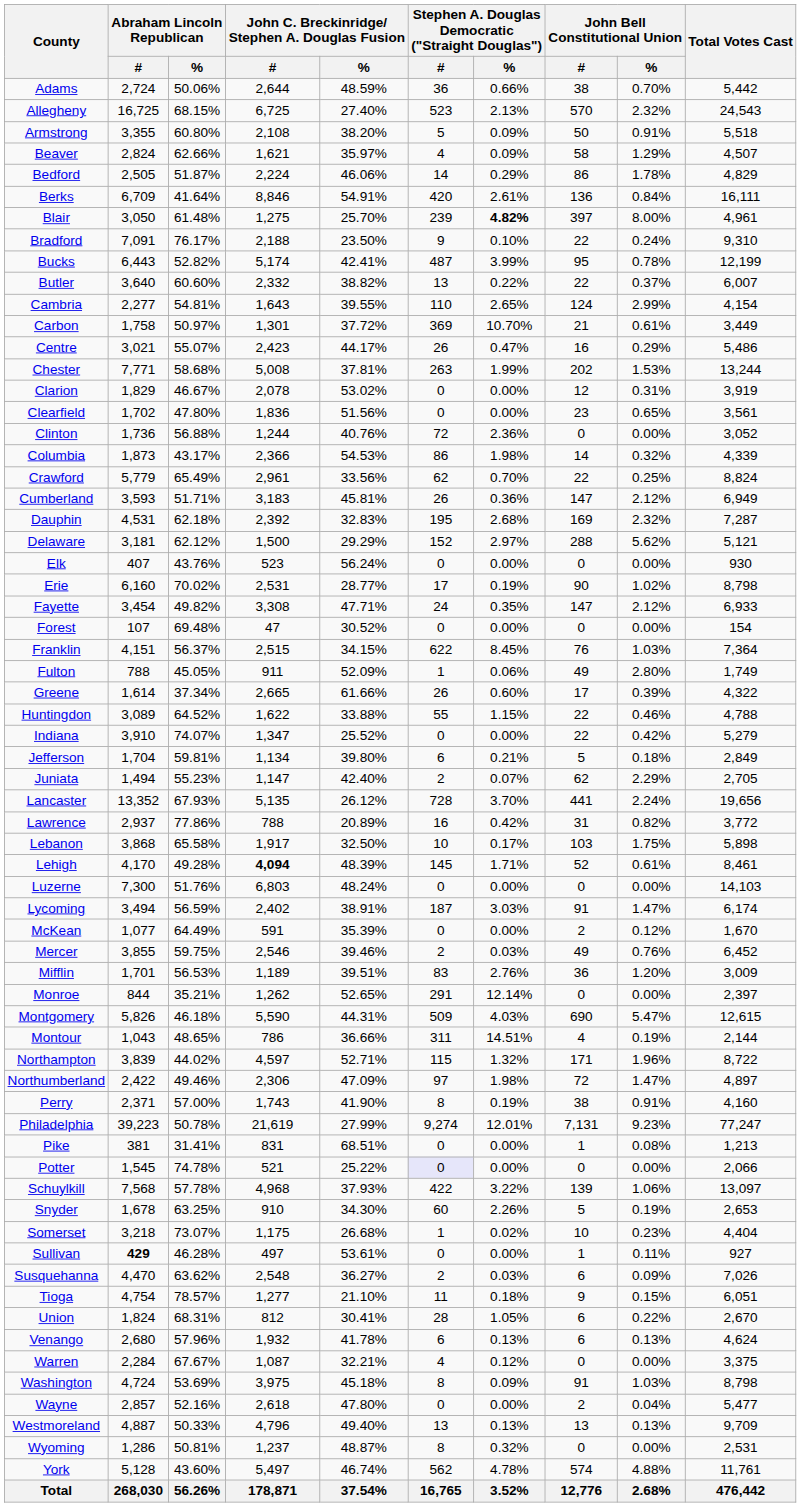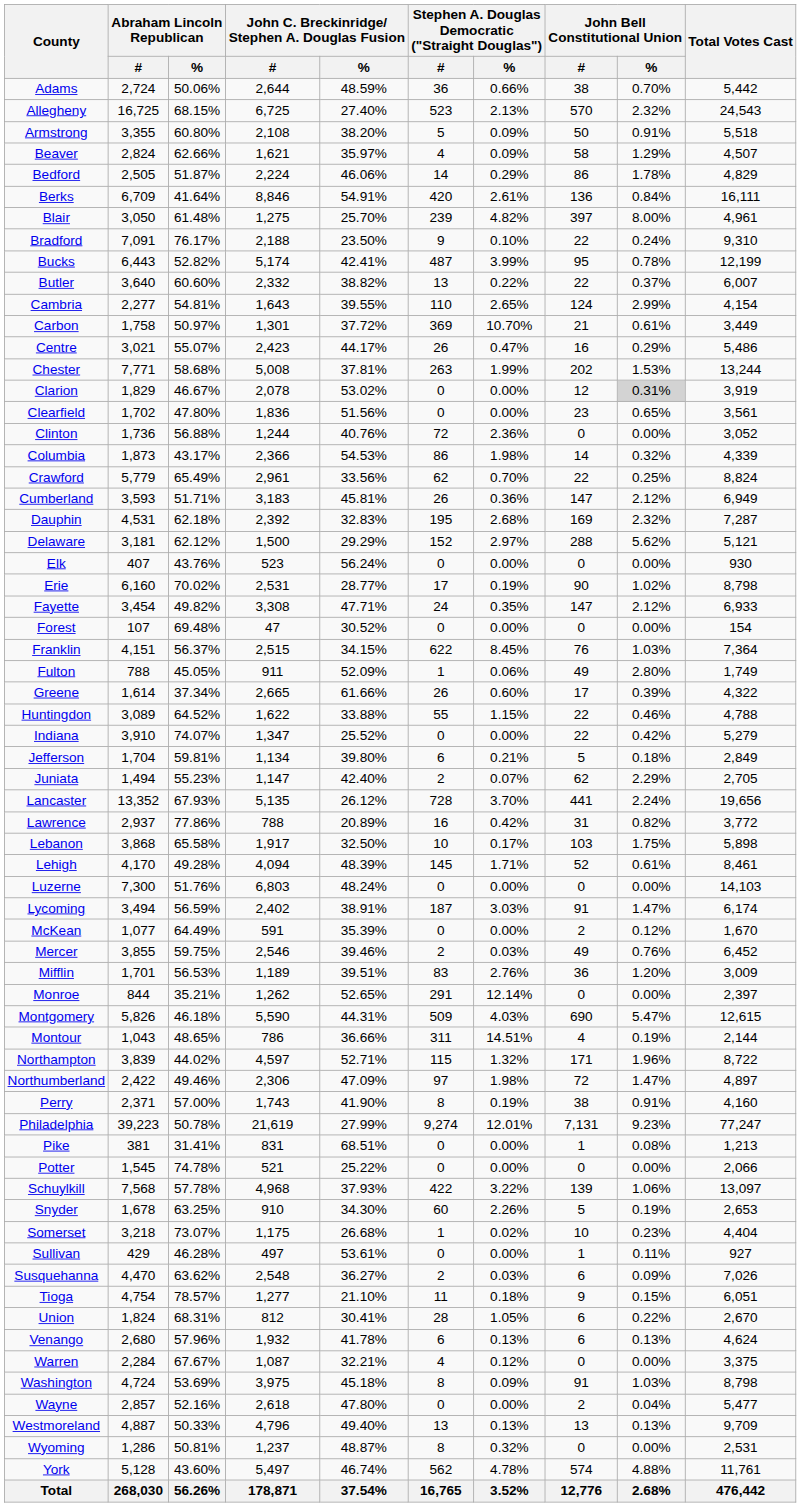 <table class="wikitable sortable">
 <tr>
 <th rowspan="2">County</th>
 <th colspan="2">Abraham Lincoln<br>Republican</th>
 <th colspan="2">John C. Breckinridge/<br>Stephen A. Douglas Fusion</th>
 <th colspan="2">Stephen A. Douglas<br>Democratic<br>("Straight Douglas")</th>
 <th colspan="2">John Bell<br>Constitutional Union</th>
 <th rowspan="2">Total Votes Cast</th>
 </tr>
 <tr style="text-align:center">
 <th>#</th>
 <th>%</th>
 <th>#</th>
 <th>%</th>
 <th>#</th>
 <th>%</th>
 <th>#</th>
 <th>%</th>
 </tr>
 <tr style="text-align:center">
 <td><a href='#'>Adams</a></td>
 <td>2,724</td>
 <td>50.06%</td>
 <td>2,644</td>
 <td>48.59%</td>
 <td>36</td>
 <td>0.66%</td>
 <td>38</td>
 <td>0.70%</td>
 <td>5,442</td>
 </tr>
 <tr style="text-align:center">
 <td><a href='#'>Allegheny</a></td>
 <td>16,725</td>
 <td>68.15%</td>
 <td>6,725</td>
 <td>27.40%</td>
 <td>523</td>
 <td>2.13%</td>
 <td>570</td>
 <td>2.32%</td>
 <td>24,543</td>
 </tr>
 <tr style="text-align:center">
 <td><a href='#'>Armstrong</a></td>
 <td>3,355</td>
 <td>60.80%</td>
 <td>2,108</td>
 <td>38.20%</td>
 <td>5</td>
 <td>0.09%</td>
 <td>50</td>
 <td>0.91%</td>
 <td>5,518</td>
 </tr>
 <tr style="text-align:center">
 <td><a href='#'>Beaver</a></td>
 <td>2,824</td>
 <td>62.66%</td>
 <td>1,621</td>
 <td>35.97%</td>
 <td>4</td>
 <td>0.09%</td>
 <td>58</td>
 <td>1.29%</td>
 <td>4,507</td>
 </tr>
 <tr style="text-align:center">
 <td><a href='#'>Bedford</a></td>
 <td>2,505</td>
 <td>51.87%</td>
 <td>2,224</td>
 <td>46.06%</td>
 <td>14</td>
 <td>0.29%</td>
 <td>86</td>
 <td>1.78%</td>
 <td>4,829</td>
 </tr>
 <tr style="text-align:center">
 <td><a href='#'>Berks</a></td>
 <td>6,709</td>
 <td>41.64%</td>
 <td>8,846</td>
 <td>54.91%</td>
 <td>420</td>
 <td>2.61%</td>
 <td>136</td>
 <td>0.84%</td>
 <td>16,111</td>
 </tr>
 <tr style="text-align:center">
 <td><a href='#'>Blair</a></td>
 <td>3,050</td>
 <td>61.48%</td>
 <td>1,275</td>
 <td>25.70%</td>
 <td>239</td>
-<td><strong>4.82%</strong></td>
+<td>4.82%</td>
 <td>397</td>
 <td>8.00%</td>
 <td>4,961</td>
 </tr>
 <tr style="text-align:center">
 <td><a href='#'>Bradford</a></td>
 <td>7,091</td>
 <td>76.17%</td>
 <td>2,188</td>
 <td>23.50%</td>
 <td>9</td>
 <td>0.10%</td>
 <td>22</td>
 <td>0.24%</td>
 <td>9,310</td>
 </tr>
 <tr style="text-align:center">
 <td><a href='#'>Bucks</a></td>
 <td>6,443</td>
 <td>52.82%</td>
 <td>5,174</td>
 <td>42.41%</td>
 <td>487</td>
 <td>3.99%</td>
 <td>95</td>
 <td>0.78%</td>
 <td>12,199</td>
 </tr>
 <tr style="text-align:center">
 <td><a href='#'>Butler</a></td>
 <td>3,640</td>
 <td>60.60%</td>
 <td>2,332</td>
 <td>38.82%</td>
 <td>13</td>
 <td>0.22%</td>
 <td>22</td>
 <td>0.37%</td>
 <td>6,007</td>
 </tr>
 <tr style="text-align:center">
 <td><a href='#'>Cambria</a></td>
 <td>2,277</td>
 <td>54.81%</td>
 <td>1,643</td>
 <td>39.55%</td>
 <td>110</td>
 <td>2.65%</td>
 <td>124</td>
 <td>2.99%</td>
 <td>4,154</td>
 </tr>
 <tr style="text-align:center">
 <td><a href='#'>Carbon</a></td>
 <td>1,758</td>
 <td>50.97%</td>
 <td>1,301</td>
 <td>37.72%</td>
 <td>369</td>
 <td>10.70%</td>
 <td>21</td>
 <td>0.61%</td>
 <td>3,449</td>
 </tr>
 <tr style="text-align:center">
 <td><a href='#'>Centre</a></td>
 <td>3,021</td>
 <td>55.07%</td>
 <td>2,423</td>
 <td>44.17%</td>
 <td>26</td>
 <td>0.47%</td>
 <td>16</td>
 <td>0.29%</td>
 <td>5,486</td>
 </tr>
 <tr style="text-align:center">
 <td><a href='#'>Chester</a></td>
 <td>7,771</td>
 <td>58.68%</td>
 <td>5,008</td>
 <td>37.81%</td>
 <td>263</td>
 <td>1.99%</td>
 <td>202</td>
 <td>1.53%</td>
 <td>13,244</td>
 </tr>
 <tr style="text-align:center">
 <td><a href='#'>Clarion</a></td>
 <td>1,829</td>
 <td>46.67%</td>
 <td>2,078</td>
 <td>53.02%</td>
 <td>0</td>
 <td>0.00%</td>
 <td>12</td>
-<td>0.31%</td>
+<td style="background: lightgrey;">0.31%</td>
 <td>3,919</td>
 </tr>
 <tr style="text-align:center">
 <td><a href='#'>Clearfield</a></td>
 <td>1,702</td>
 <td>47.80%</td>
 <td>1,836</td>
 <td>51.56%</td>
 <td>0</td>
 <td>0.00%</td>
 <td>23</td>
 <td>0.65%</td>
 <td>3,561</td>
 </tr>
 <tr style="text-align:center">
 <td><a href='#'>Clinton</a></td>
 <td>1,736</td>
 <td>56.88%</td>
 <td>1,244</td>
 <td>40.76%</td>
 <td>72</td>
 <td>2.36%</td>
 <td>0</td>
 <td>0.00%</td>
 <td>3,052</td>
 </tr>
 <tr style="text-align:center">
 <td><a href='#'>Columbia</a></td>
 <td>1,873</td>
 <td>43.17%</td>
 <td>2,366</td>
 <td>54.53%</td>
 <td>86</td>
 <td>1.98%</td>
 <td>14</td>
 <td>0.32%</td>
 <td>4,339</td>
 </tr>
 <tr style="text-align:center">
 <td><a href='#'>Crawford</a></td>
 <td>5,779</td>
 <td>65.49%</td>
 <td>2,961</td>
 <td>33.56%</td>
 <td>62</td>
 <td>0.70%</td>
 <td>22</td>
 <td>0.25%</td>
 <td>8,824</td>
 </tr>
 <tr style="text-align:center">
 <td><a href='#'>Cumberland</a></td>
 <td>3,593</td>
 <td>51.71%</td>
 <td>3,183</td>
 <td>45.81%</td>
 <td>26</td>
 <td>0.36%</td>
 <td>147</td>
 <td>2.12%</td>
 <td>6,949</td>
 </tr>
 <tr style="text-align:center">
 <td><a href='#'>Dauphin</a></td>
 <td>4,531</td>
 <td>62.18%</td>
 <td>2,392</td>
 <td>32.83%</td>
 <td>195</td>
 <td>2.68%</td>
 <td>169</td>
 <td>2.32%</td>
 <td>7,287</td>
 </tr>
 <tr style="text-align:center">
 <td><a href='#'>Delaware</a></td>
 <td>3,181</td>
 <td>62.12%</td>
 <td>1,500</td>
 <td>29.29%</td>
 <td>152</td>
 <td>2.97%</td>
 <td>288</td>
 <td>5.62%</td>
 <td>5,121</td>
 </tr>
 <tr style="text-align:center">
 <td><a href='#'>Elk</a></td>
 <td>407</td>
 <td>43.76%</td>
 <td>523</td>
 <td>56.24%</td>
 <td>0</td>
 <td>0.00%</td>
 <td>0</td>
 <td>0.00%</td>
 <td>930</td>
 </tr>
 <tr style="text-align:center">
 <td><a href='#'>Erie</a></td>
 <td>6,160</td>
 <td>70.02%</td>
 <td>2,531</td>
 <td>28.77%</td>
 <td>17</td>
 <td>0.19%</td>
 <td>90</td>
 <td>1.02%</td>
 <td>8,798</td>
 </tr>
 <tr style="text-align:center">
 <td><a href='#'>Fayette</a></td>
 <td>3,454</td>
 <td>49.82%</td>
 <td>3,308</td>
 <td>47.71%</td>
 <td>24</td>
 <td>0.35%</td>
 <td>147</td>
 <td>2.12%</td>
 <td>6,933</td>
 </tr>
 <tr style="text-align:center">
 <td><a href='#'>Forest</a></td>
 <td>107</td>
 <td>69.48%</td>
 <td>47</td>
 <td>30.52%</td>
 <td>0</td>
 <td>0.00%</td>
 <td>0</td>
 <td>0.00%</td>
 <td>154</td>
 </tr>
 <tr style="text-align:center">
 <td><a href='#'>Franklin</a></td>
 <td>4,151</td>
 <td>56.37%</td>
 <td>2,515</td>
 <td>34.15%</td>
 <td>622</td>
 <td>8.45%</td>
 <td>76</td>
 <td>1.03%</td>
 <td>7,364</td>
 </tr>
 <tr style="text-align:center">
 <td><a href='#'>Fulton</a></td>
 <td>788</td>
 <td>45.05%</td>
 <td>911</td>
 <td>52.09%</td>
 <td>1</td>
 <td>0.06%</td>
 <td>49</td>
 <td>2.80%</td>
 <td>1,749</td>
 </tr>
 <tr style="text-align:center">
 <td><a href='#'>Greene</a></td>
 <td>1,614</td>
 <td>37.34%</td>
 <td>2,665</td>
 <td>61.66%</td>
 <td>26</td>
 <td>0.60%</td>
 <td>17</td>
 <td>0.39%</td>
 <td>4,322</td>
 </tr>
 <tr style="text-align:center">
 <td><a href='#'>Huntingdon</a></td>
 <td>3,089</td>
 <td>64.52%</td>
 <td>1,622</td>
 <td>33.88%</td>
 <td>55</td>
 <td>1.15%</td>
 <td>22</td>
 <td>0.46%</td>
 <td>4,788</td>
 </tr>
 <tr style="text-align:center">
 <td><a href='#'>Indiana</a></td>
 <td>3,910</td>
 <td>74.07%</td>
 <td>1,347</td>
 <td>25.52%</td>
 <td>0</td>
 <td>0.00%</td>
 <td>22</td>
 <td>0.42%</td>
 <td>5,279</td>
 </tr>
 <tr style="text-align:center">
 <td><a href='#'>Jefferson</a></td>
 <td>1,704</td>
 <td>59.81%</td>
 <td>1,134</td>
 <td>39.80%</td>
 <td>6</td>
 <td>0.21%</td>
 <td>5</td>
 <td>0.18%</td>
 <td>2,849</td>
 </tr>
 <tr style="text-align:center">
 <td><a href='#'>Juniata</a></td>
 <td>1,494</td>
 <td>55.23%</td>
 <td>1,147</td>
 <td>42.40%</td>
 <td>2</td>
 <td>0.07%</td>
 <td>62</td>
 <td>2.29%</td>
 <td>2,705</td>
 </tr>
 <tr style="text-align:center">
 <td><a href='#'>Lancaster</a></td>
 <td>13,352</td>
 <td>67.93%</td>
 <td>5,135</td>
 <td>26.12%</td>
 <td>728</td>
 <td>3.70%</td>
 <td>441</td>
 <td>2.24%</td>
 <td>19,656</td>
 </tr>
 <tr style="text-align:center">
 <td><a href='#'>Lawrence</a></td>
 <td>2,937</td>
 <td>77.86%</td>
 <td>788</td>
 <td>20.89%</td>
 <td>16</td>
 <td>0.42%</td>
 <td>31</td>
 <td>0.82%</td>
 <td>3,772</td>
 </tr>
 <tr style="text-align:center">
 <td><a href='#'>Lebanon</a></td>
 <td>3,868</td>
 <td>65.58%</td>
 <td>1,917</td>
 <td>32.50%</td>
 <td>10</td>
 <td>0.17%</td>
 <td>103</td>
 <td>1.75%</td>
 <td>5,898</td>
 </tr>
 <tr style="text-align:center">
 <td><a href='#'>Lehigh</a></td>
 <td>4,170</td>
 <td>49.28%</td>
-<td><strong>4,094</strong></td>
+<td>4,094</td>
 <td>48.39%</td>
 <td>145</td>
 <td>1.71%</td>
 <td>52</td>
 <td>0.61%</td>
 <td>8,461</td>
 </tr>
 <tr style="text-align:center">
 <td><a href='#'>Luzerne</a></td>
 <td>7,300</td>
 <td>51.76%</td>
 <td>6,803</td>
 <td>48.24%</td>
 <td>0</td>
 <td>0.00%</td>
 <td>0</td>
 <td>0.00%</td>
 <td>14,103</td>
 </tr>
 <tr style="text-align:center">
 <td><a href='#'>Lycoming</a></td>
 <td>3,494</td>
 <td>56.59%</td>
 <td>2,402</td>
 <td>38.91%</td>
 <td>187</td>
 <td>3.03%</td>
 <td>91</td>
 <td>1.47%</td>
 <td>6,174</td>
 </tr>
 <tr style="text-align:center">
 <td><a href='#'>McKean</a></td>
 <td>1,077</td>
 <td>64.49%</td>
 <td>591</td>
 <td>35.39%</td>
 <td>0</td>
 <td>0.00%</td>
 <td>2</td>
 <td>0.12%</td>
 <td>1,670</td>
 </tr>
 <tr style="text-align:center">
 <td><a href='#'>Mercer</a></td>
 <td>3,855</td>
 <td>59.75%</td>
 <td>2,546</td>
 <td>39.46%</td>
 <td>2</td>
 <td>0.03%</td>
 <td>49</td>
 <td>0.76%</td>
 <td>6,452</td>
 </tr>
 <tr style="text-align:center">
 <td><a href='#'>Mifflin</a></td>
 <td>1,701</td>
 <td>56.53%</td>
 <td>1,189</td>
 <td>39.51%</td>
 <td>83</td>
 <td>2.76%</td>
 <td>36</td>
 <td>1.20%</td>
 <td>3,009</td>
 </tr>
 <tr style="text-align:center">
 <td><a href='#'>Monroe</a></td>
 <td>844</td>
 <td>35.21%</td>
 <td>1,262</td>
 <td>52.65%</td>
 <td>291</td>
 <td>12.14%</td>
 <td>0</td>
 <td>0.00%</td>
 <td>2,397</td>
 </tr>
 <tr style="text-align:center">
 <td><a href='#'>Montgomery</a></td>
 <td>5,826</td>
 <td>46.18%</td>
 <td>5,590</td>
 <td>44.31%</td>
 <td>509</td>
 <td>4.03%</td>
 <td>690</td>
 <td>5.47%</td>
 <td>12,615</td>
 </tr>
 <tr style="text-align:center">
 <td><a href='#'>Montour</a></td>
 <td>1,043</td>
 <td>48.65%</td>
 <td>786</td>
 <td>36.66%</td>
 <td>311</td>
 <td>14.51%</td>
 <td>4</td>
 <td>0.19%</td>
 <td>2,144</td>
 </tr>
 <tr style="text-align:center">
 <td><a href='#'>Northampton</a></td>
 <td>3,839</td>
 <td>44.02%</td>
 <td>4,597</td>
 <td>52.71%</td>
 <td>115</td>
 <td>1.32%</td>
 <td>171</td>
 <td>1.96%</td>
 <td>8,722</td>
 </tr>
 <tr style="text-align:center">
 <td><a href='#'>Northumberland</a></td>
 <td>2,422</td>
 <td>49.46%</td>
 <td>2,306</td>
 <td>47.09%</td>
 <td>97</td>
 <td>1.98%</td>
 <td>72</td>
 <td>1.47%</td>
 <td>4,897</td>
 </tr>
 <tr style="text-align:center">
 <td><a href='#'>Perry</a></td>
 <td>2,371</td>
 <td>57.00%</td>
 <td>1,743</td>
 <td>41.90%</td>
 <td>8</td>
 <td>0.19%</td>
 <td>38</td>
 <td>0.91%</td>
 <td>4,160</td>
 </tr>
 <tr style="text-align:center">
 <td><a href='#'>Philadelphia</a></td>
 <td>39,223</td>
 <td>50.78%</td>
 <td>21,619</td>
 <td>27.99%</td>
 <td>9,274</td>
 <td>12.01%</td>
 <td>7,131</td>
 <td>9.23%</td>
 <td>77,247</td>
 </tr>
 <tr style="text-align:center">
 <td><a href='#'>Pike</a></td>
 <td>381</td>
 <td>31.41%</td>
 <td>831</td>
 <td>68.51%</td>
 <td>0</td>
 <td>0.00%</td>
 <td>1</td>
 <td>0.08%</td>
 <td>1,213</td>
 </tr>
 <tr style="text-align:center">
 <td><a href='#'>Potter</a></td>
 <td>1,545</td>
 <td>74.78%</td>
 <td>521</td>
 <td>25.22%</td>
-<td style="background: lavender;">0</td>
+<td>0</td>
 <td>0.00%</td>
 <td>0</td>
 <td>0.00%</td>
 <td>2,066</td>
 </tr>
 <tr style="text-align:center">
 <td><a href='#'>Schuylkill</a></td>
 <td>7,568</td>
 <td>57.78%</td>
 <td>4,968</td>
 <td>37.93%</td>
 <td>422</td>
 <td>3.22%</td>
 <td>139</td>
 <td>1.06%</td>
 <td>13,097</td>
 </tr>
 <tr style="text-align:center">
 <td><a href='#'>Snyder</a></td>
 <td>1,678</td>
 <td>63.25%</td>
 <td>910</td>
 <td>34.30%</td>
 <td>60</td>
 <td>2.26%</td>
 <td>5</td>
 <td>0.19%</td>
 <td>2,653</td>
 </tr>
 <tr style="text-align:center">
 <td><a href='#'>Somerset</a></td>
 <td>3,218</td>
 <td>73.07%</td>
 <td>1,175</td>
 <td>26.68%</td>
 <td>1</td>
 <td>0.02%</td>
 <td>10</td>
 <td>0.23%</td>
 <td>4,404</td>
 </tr>
 <tr style="text-align:center">
 <td><a href='#'>Sullivan</a></td>
-<td><strong>429</strong></td>
+<td>429</td>
 <td>46.28%</td>
 <td>497</td>
 <td>53.61%</td>
 <td>0</td>
 <td>0.00%</td>
 <td>1</td>
 <td>0.11%</td>
 <td>927</td>
 </tr>
 <tr style="text-align:center">
 <td><a href='#'>Susquehanna</a></td>
 <td>4,470</td>
 <td>63.62%</td>
 <td>2,548</td>
 <td>36.27%</td>
 <td>2</td>
 <td>0.03%</td>
 <td>6</td>
 <td>0.09%</td>
 <td>7,026</td>
 </tr>
 <tr style="text-align:center">
 <td><a href='#'>Tioga</a></td>
 <td>4,754</td>
 <td>78.57%</td>
 <td>1,277</td>
 <td>21.10%</td>
 <td>11</td>
 <td>0.18%</td>
 <td>9</td>
 <td>0.15%</td>
 <td>6,051</td>
 </tr>
 <tr style="text-align:center">
 <td><a href='#'>Union</a></td>
 <td>1,824</td>
 <td>68.31%</td>
 <td>812</td>
 <td>30.41%</td>
 <td>28</td>
 <td>1.05%</td>
 <td>6</td>
 <td>0.22%</td>
 <td>2,670</td>
 </tr>
 <tr style="text-align:center">
 <td><a href='#'>Venango</a></td>
 <td>2,680</td>
 <td>57.96%</td>
 <td>1,932</td>
 <td>41.78%</td>
 <td>6</td>
 <td>0.13%</td>
 <td>6</td>
 <td>0.13%</td>
 <td>4,624</td>
 </tr>
 <tr style="text-align:center">
 <td><a href='#'>Warren</a></td>
 <td>2,284</td>
 <td>67.67%</td>
 <td>1,087</td>
 <td>32.21%</td>
 <td>4</td>
 <td>0.12%</td>
 <td>0</td>
 <td>0.00%</td>
 <td>3,375</td>
 </tr>
 <tr style="text-align:center">
 <td><a href='#'>Washington</a></td>
 <td>4,724</td>
 <td>53.69%</td>
 <td>3,975</td>
 <td>45.18%</td>
 <td>8</td>
 <td>0.09%</td>
 <td>91</td>
 <td>1.03%</td>
 <td>8,798</td>
 </tr>
 <tr style="text-align:center">
 <td><a href='#'>Wayne</a></td>
 <td>2,857</td>
 <td>52.16%</td>
 <td>2,618</td>
 <td>47.80%</td>
 <td>0</td>
 <td>0.00%</td>
 <td>2</td>
 <td>0.04%</td>
 <td>5,477</td>
 </tr>
 <tr style="text-align:center">
 <td><a href='#'>Westmoreland</a></td>
 <td>4,887</td>
 <td>50.33%</td>
 <td>4,796</td>
 <td>49.40%</td>
 <td>13</td>
 <td>0.13%</td>
 <td>13</td>
 <td>0.13%</td>
 <td>9,709</td>
 </tr>
 <tr style="text-align:center">
 <td><a href='#'>Wyoming</a></td>
 <td>1,286</td>
 <td>50.81%</td>
 <td>1,237</td>
 <td>48.87%</td>
 <td>8</td>
 <td>0.32%</td>
 <td>0</td>
 <td>0.00%</td>
 <td>2,531</td>
 </tr>
 <tr style="text-align:center">
 <td><a href='#'>York</a></td>
 <td>5,128</td>
 <td>43.60%</td>
 <td>5,497</td>
 <td>46.74%</td>
 <td>562</td>
 <td>4.78%</td>
 <td>574</td>
 <td>4.88%</td>
 <td>11,761</td>
 </tr>
 <tr style="text-align:center">
 <th>Total</th>
 <th>268,030</th>
 <th>56.26%</th>
 <th>178,871</th>
 <th>37.54%</th>
 <th>16,765</th>
 <th>3.52%</th>
 <th>12,776</th>
 <th>2.68%</th>
 <th>476,442</th>
 </tr>
 </table>
